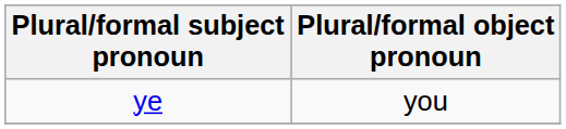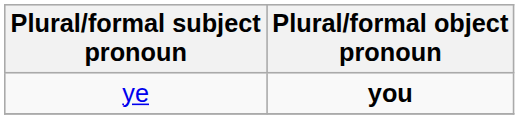 <table class="wikitable">
 <tr>
 <th>Plural/formal subject <br>pronoun</th>
 <th>Plural/formal object <br>pronoun</th>
 </tr>
 <tr align=center>
 <td><a href='#'>ye</a></td>
-<td>you</td>
+<td><strong>you</strong></td>
 </tr>
 <tr>
 </tr>
 </table>
